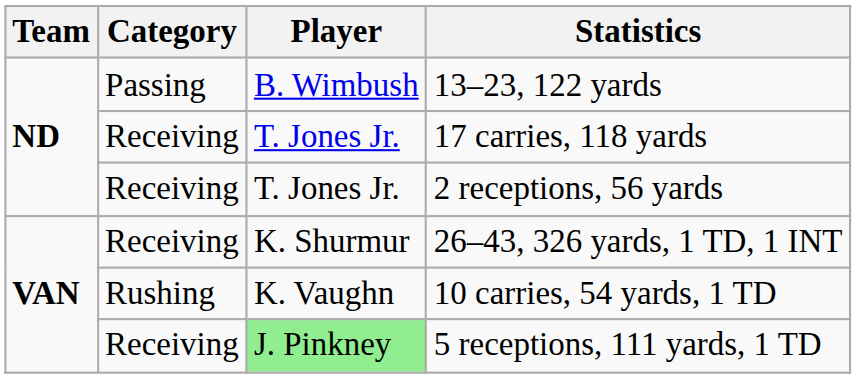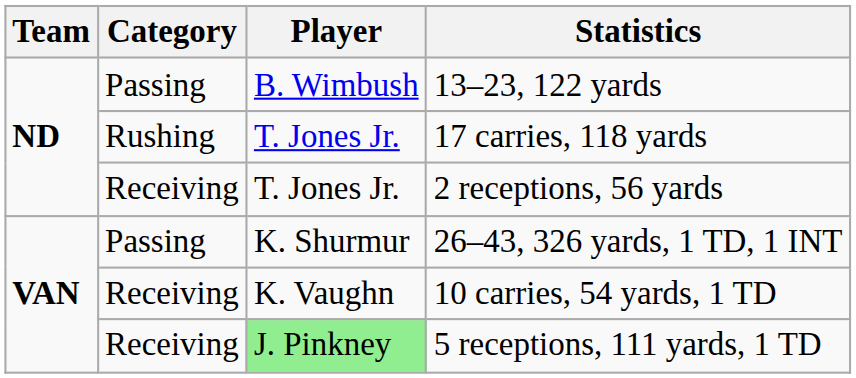 <table class="wikitable" style="float: right;">
 <tr>
 <th>Team</th>
 <th>Category</th>
 <th>Player</th>
 <th>Statistics</th>
 </tr>
 <tr>
 <td rowspan=3><strong>ND</strong></td>
 <td>Passing</td>
 <td><a href='#'>B. Wimbush</a></td>
 <td>13–23, 122 yards</td>
 </tr>
 <tr>
-<td>Receiving</td>
+<td>Rushing</td>
 <td><a href='#'>T. Jones Jr.</a></td>
 <td>17 carries, 118 yards</td>
 </tr>
 <tr>
 <td>Receiving</td>
 <td>T. Jones Jr.</td>
 <td>2 receptions, 56 yards</td>
 </tr>
 <tr>
 <td rowspan=3><strong>VAN</strong></td>
-<td>Receiving</td>
+<td>Passing</td>
 <td>K. Shurmur</td>
 <td>26–43, 326 yards, 1 TD, 1 INT</td>
 </tr>
 <tr>
-<td>Rushing</td>
+<td>Receiving</td>
 <td>K. Vaughn</td>
 <td>10 carries, 54 yards, 1 TD</td>
 </tr>
 <tr>
 <td>Receiving</td>
 <td style="background: lightgreen;">J. Pinkney</td>
 <td>5 receptions, 111 yards, 1 TD</td>
 </tr>
 </table>
